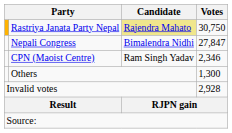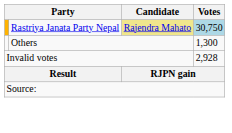 <table class="wikitable">
 <tr>
 <th colspan="2">Party</th>
 <th>Candidate</th>
 <th>Votes</th>
 </tr>
 <tr>
 <td style="background-color:#ffb300"></td>
 <td><a href='#'>Rastriya Janata Party Nepal</a></td>
 <td style="background: khaki;"><a href='#'>Rajendra Mahato</a></td>
-<td>30,750</td>
-</tr>
-<tr>
-<td style="background-color:"></td>
-<td><a href='#'>Nepali Congress</a></td>
-<td><a href='#'>Bimalendra Nidhi</a></td>
-<td>27,847</td>
-</tr>
-<tr>
-<td style="background-color:"></td>
-<td><a href='#'>CPN (Maoist Centre)</a></td>
-<td>Ram Singh Yadav</td>
-<td>2,346</td>
+<td style="background: lightblue;">30,750</td>
 </tr>
 <tr>
 <td></td>
 <td colspan="2">Others</td>
 <td>1,300</td>
 </tr>
 <tr>
 <td colspan="3">Invalid votes</td>
 <td>2,928</td>
 </tr>
 <tr>
 <th colspan="2">Result</th>
 <th colspan="2">RJPN gain</th>
 </tr>
 <tr>
 <td colspan="4">Source: </td>
 </tr>
 </table>
